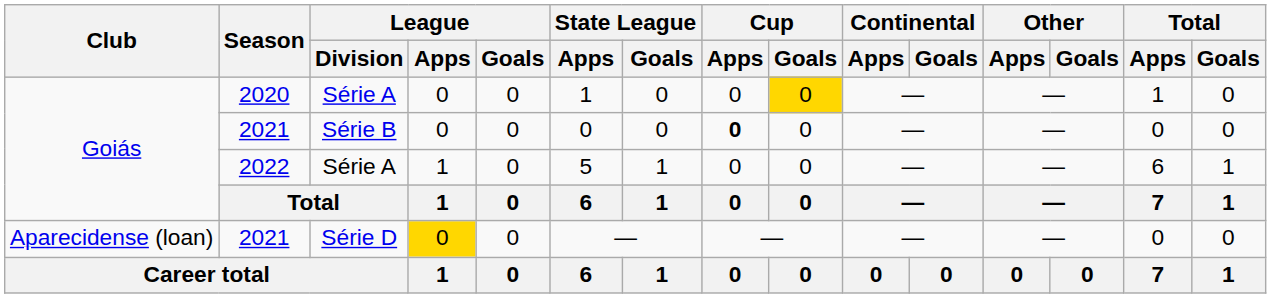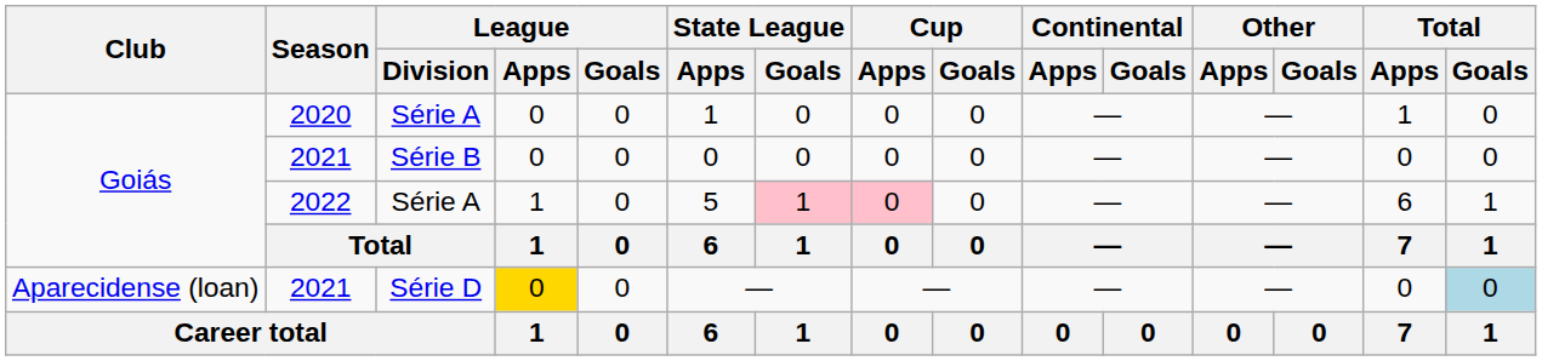 <table class="wikitable" style="text-align: center;">
 <tr>
 <th rowspan="2">Club</th>
 <th rowspan="2">Season</th>
 <th colspan="3">League</th>
 <th colspan="2">State League</th>
 <th colspan="2">Cup</th>
 <th colspan="2">Continental</th>
 <th colspan="2">Other</th>
 <th colspan="2">Total</th>
 </tr>
 <tr>
 <th>Division</th>
 <th>Apps</th>
 <th>Goals</th>
 <th>Apps</th>
 <th>Goals</th>
 <th>Apps</th>
 <th>Goals</th>
 <th>Apps</th>
 <th>Goals</th>
 <th>Apps</th>
 <th>Goals</th>
 <th>Apps</th>
 <th>Goals</th>
 </tr>
 <tr>
 <td rowspan="4" valign="center"><a href='#'>Goiás</a></td>
 <td><a href='#'>2020</a></td>
 <td><a href='#'>Série A</a></td>
 <td>0</td>
 <td>0</td>
 <td>1</td>
 <td>0</td>
 <td>0</td>
-<td style="background: gold;">0</td>
+<td>0</td>
 <td colspan="2">—</td>
 <td colspan="2">—</td>
 <td>1</td>
 <td>0</td>
 </tr>
 <tr>
 <td><a href='#'>2021</a></td>
 <td><a href='#'>Série B</a></td>
 <td>0</td>
 <td>0</td>
 <td>0</td>
 <td>0</td>
-<td><strong>0</strong></td>
+<td>0</td>
 <td>0</td>
 <td colspan="2">—</td>
 <td colspan="2">—</td>
 <td>0</td>
 <td>0</td>
 </tr>
 <tr>
 <td><a href='#'>2022</a></td>
 <td>Série A</td>
 <td>1</td>
 <td>0</td>
 <td>5</td>
-<td>1</td>
-<td>0</td>
+<td style="background: pink;">1</td>
+<td style="background: pink;">0</td>
 <td>0</td>
 <td colspan="2">—</td>
 <td colspan="2">—</td>
 <td>6</td>
 <td>1</td>
 </tr>
 <tr>
 <th colspan="2">Total</th>
 <th>1</th>
 <th>0</th>
 <th>6</th>
 <th>1</th>
 <th>0</th>
 <th>0</th>
 <th colspan="2">—</th>
 <th colspan="2">—</th>
 <th>7</th>
 <th>1</th>
 </tr>
 <tr>
 <td><a href='#'>Aparecidense</a> (loan)</td>
 <td><a href='#'>2021</a></td>
 <td><a href='#'>Série D</a></td>
 <td style="background: gold;">0</td>
 <td>0</td>
 <td colspan="2">—</td>
 <td colspan="2">—</td>
 <td colspan="2">—</td>
 <td colspan="2">—</td>
 <td>0</td>
-<td>0</td>
+<td style="background: lightblue;">0</td>
 </tr>
 <tr>
 <th colspan="3"><strong>Career total</strong></th>
 <th>1</th>
 <th>0</th>
 <th>6</th>
 <th>1</th>
 <th>0</th>
 <th>0</th>
 <th>0</th>
 <th>0</th>
 <th>0</th>
 <th>0</th>
 <th>7</th>
 <th>1</th>
 </tr>
 </table>
